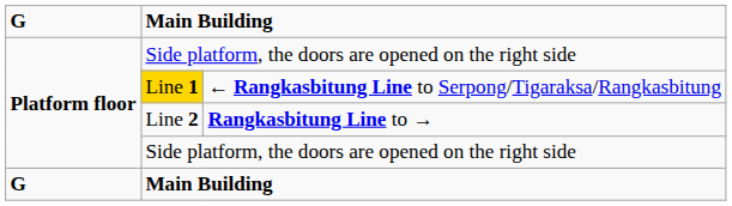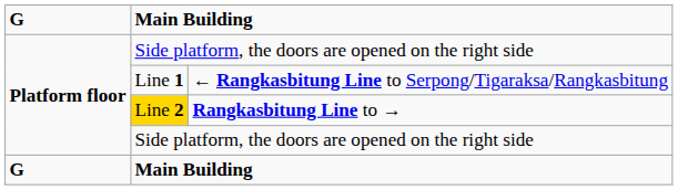 <table class="wikitable">
 <tr>
 <td><strong>G</strong></td>
 <td colspan="2"><strong>Main Building</strong></td>
 </tr>
 <tr>
 <td rowspan="4"><strong>Platform floor</strong></td>
 <td colspan="2"><a href='#'>Side platform</a>, the doors are opened on the right side</td>
 </tr>
 <tr>
-<td style="background: gold;">Line <strong>1</strong></td>
+<td>Line <strong>1</strong></td>
 <td>←   <strong><a href='#'>Rangkasbitung Line</a></strong> to <a href='#'>Serpong</a>/<a href='#'>Tigaraksa</a>/<a href='#'>Rangkasbitung</a></td>
 </tr>
 <tr>
-<td>Line <strong>2</strong></td>
+<td style="background: gold;">Line <strong>2</strong></td>
 <td> <strong><a href='#'>Rangkasbitung Line</a></strong> to   →</td>
 </tr>
 <tr>
 <td colspan="2">Side platform, the doors are opened on the right side</td>
 </tr>
 <tr>
 <td><strong>G</strong></td>
 <td colspan="2"><strong>Main Building</strong></td>
 </tr>
 </table>
